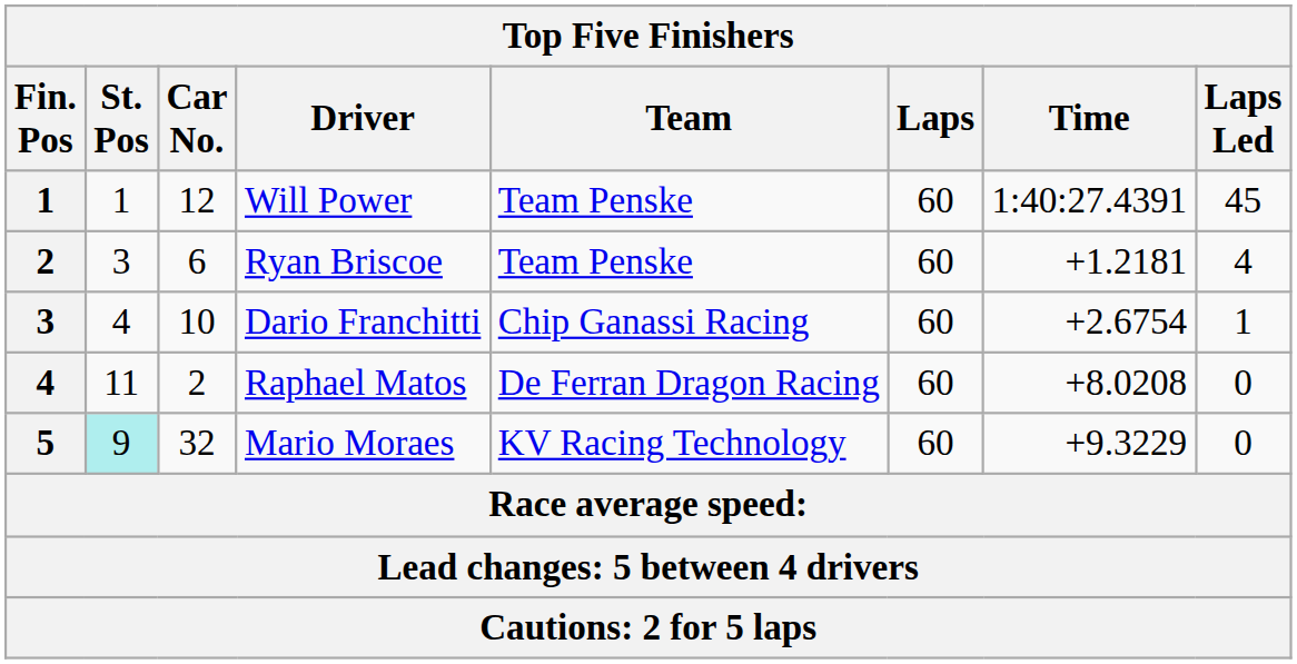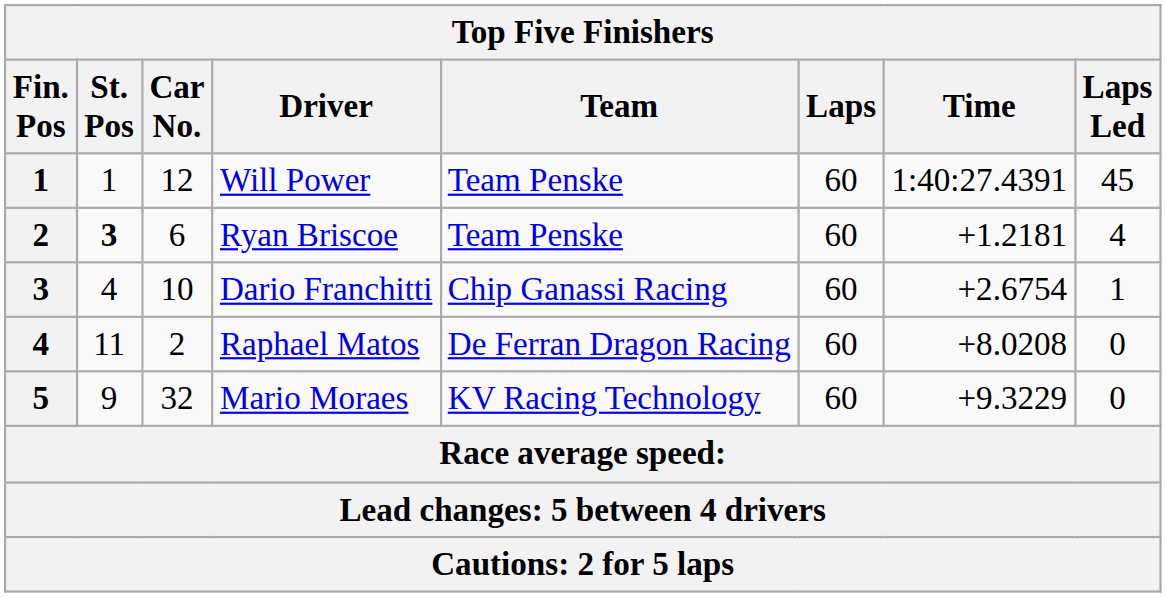 <table class="wikitable" style="font-size:95%;">
 <tr>
 <th colspan=9>Top Five Finishers</th>
 </tr>
 <tr>
 <th>Fin.<br>Pos</th>
 <th>St.<br>Pos</th>
 <th>Car<br>No.</th>
 <th>Driver</th>
 <th>Team</th>
 <th>Laps</th>
 <th>Time</th>
 <th>Laps<br>Led</th>
 </tr>
 <tr>
 <th>1</th>
 <td align=center>1</td>
 <td align=center>12</td>
 <td> <a href='#'>Will Power</a></td>
 <td><a href='#'>Team Penske</a></td>
 <td align=center>60</td>
 <td align=right>1:40:27.4391</td>
 <td align=center>45</td>
 </tr>
 <tr>
 <th>2</th>
-<td align=center>3</td>
+<td align=center><strong>3</strong></td>
 <td align=center>6</td>
 <td> <a href='#'>Ryan Briscoe</a></td>
 <td><a href='#'>Team Penske</a></td>
 <td align=center>60</td>
 <td align=right>+1.2181</td>
 <td align=center>4</td>
 </tr>
 <tr>
 <th>3</th>
 <td align=center>4</td>
 <td align=center>10</td>
 <td> <a href='#'>Dario Franchitti</a></td>
 <td><a href='#'>Chip Ganassi Racing</a></td>
 <td align=center>60</td>
 <td align=right>+2.6754</td>
 <td align=center>1</td>
 </tr>
 <tr>
 <th>4</th>
 <td align=center>11</td>
 <td align=center>2</td>
 <td> <a href='#'>Raphael Matos</a></td>
 <td><a href='#'>De Ferran Dragon Racing</a></td>
 <td align=center>60</td>
 <td align=right>+8.0208</td>
 <td align=center>0</td>
 </tr>
 <tr>
 <th>5</th>
-<td align=center style="background: paleturquoise;">9</td>
+<td align=center>9</td>
 <td align=center>32</td>
 <td> <a href='#'>Mario Moraes</a></td>
 <td><a href='#'>KV Racing Technology</a></td>
 <td align=center>60</td>
 <td align=right>+9.3229</td>
 <td align=center>0</td>
 </tr>
 <tr>
 <th colspan=9>Race average speed: </th>
 </tr>
 <tr>
 <th colspan=9>Lead changes: 5 between 4 drivers</th>
 </tr>
 <tr>
 <th colspan=9>Cautions: 2 for 5 laps</th>
 </tr>
 </table>
